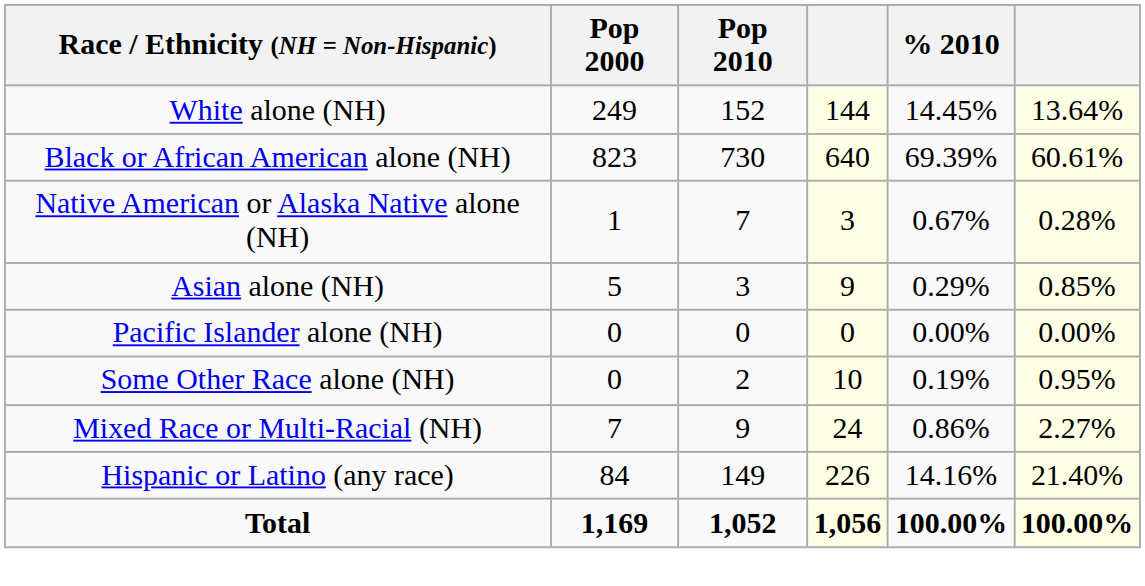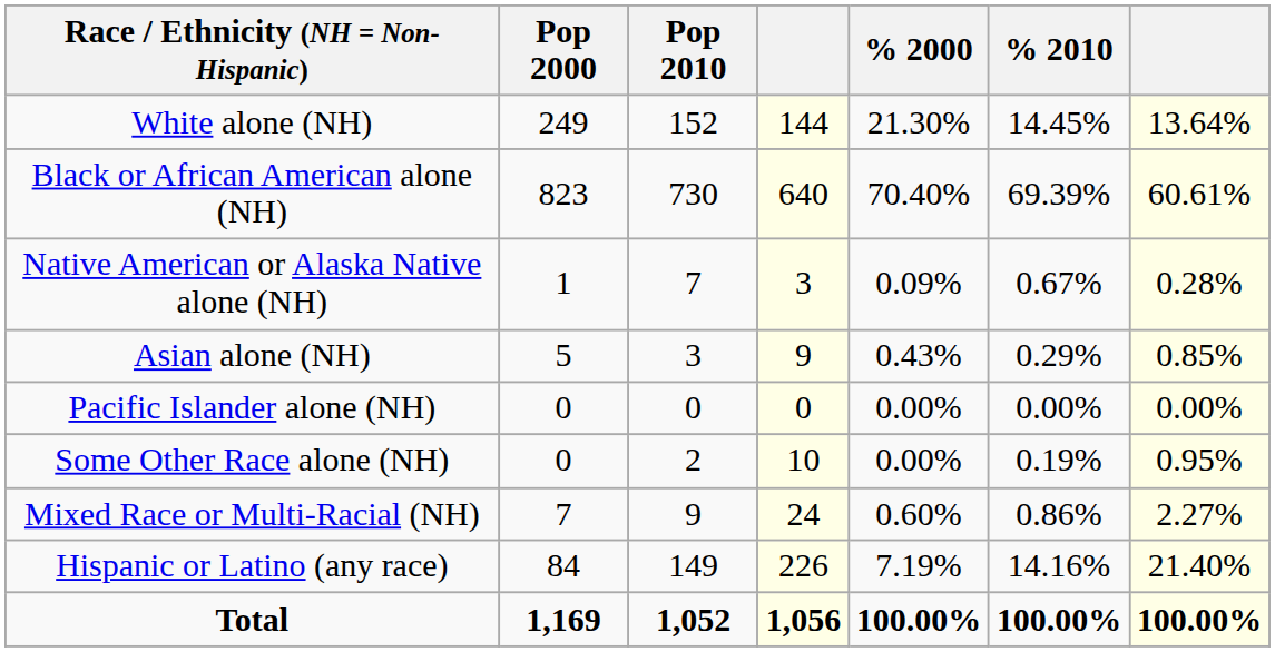 <table class="wikitable"  style="text-align:center;">
 <tr>
 <th>Race / Ethnicity <small>(<em>NH = Non-Hispanic</em>)</small></th>
 <th>Pop 2000</th>
 <th>Pop 2010</th>
 <th></th>
+<th>% 2000</th>
 <th>% 2010</th>
 <th></th>
 </tr>
 <tr>
 <td><a href='#'>White</a> alone (NH)</td>
 <td>249</td>
 <td>152</td>
 <td style='background: #ffffe6;'>144</td>
+<td>21.30%</td>
 <td>14.45%</td>
 <td style='background: #ffffe6;'>13.64%</td>
 </tr>
 <tr>
 <td><a href='#'>Black or African American</a> alone (NH)</td>
 <td>823</td>
 <td>730</td>
 <td style='background: #ffffe6;'>640</td>
+<td>70.40%</td>
 <td>69.39%</td>
 <td style='background: #ffffe6;'>60.61%</td>
 </tr>
 <tr>
 <td><a href='#'>Native American</a> or <a href='#'>Alaska Native</a> alone (NH)</td>
 <td>1</td>
 <td>7</td>
 <td style='background: #ffffe6;'>3</td>
+<td>0.09%</td>
 <td>0.67%</td>
 <td style='background: #ffffe6;'>0.28%</td>
 </tr>
 <tr>
 <td><a href='#'>Asian</a> alone (NH)</td>
 <td>5</td>
 <td>3</td>
 <td style='background: #ffffe6;'>9</td>
+<td>0.43%</td>
 <td>0.29%</td>
 <td style='background: #ffffe6;'>0.85%</td>
 </tr>
 <tr>
 <td><a href='#'>Pacific Islander</a> alone (NH)</td>
 <td>0</td>
 <td>0</td>
 <td style='background: #ffffe6;'>0</td>
 <td>0.00%</td>
+<td>0.00%</td>
 <td style='background: #ffffe6;'>0.00%</td>
 </tr>
 <tr>
 <td><a href='#'>Some Other Race</a> alone (NH)</td>
 <td>0</td>
 <td>2</td>
 <td style='background: #ffffe6;'>10</td>
+<td>0.00%</td>
 <td>0.19%</td>
 <td style='background: #ffffe6;'>0.95%</td>
 </tr>
 <tr>
 <td><a href='#'>Mixed Race or Multi-Racial</a> (NH)</td>
 <td>7</td>
 <td>9</td>
 <td style='background: #ffffe6;'>24</td>
+<td>0.60%</td>
 <td>0.86%</td>
 <td style='background: #ffffe6;'>2.27%</td>
 </tr>
 <tr>
 <td><a href='#'>Hispanic or Latino</a> (any race)</td>
 <td>84</td>
 <td>149</td>
 <td style='background: #ffffe6;'>226</td>
+<td>7.19%</td>
 <td>14.16%</td>
 <td style='background: #ffffe6;'>21.40%</td>
 </tr>
 <tr>
 <td><strong>Total</strong></td>
 <td><strong>1,169</strong></td>
 <td><strong>1,052</strong></td>
 <td style='background: #ffffe6;'><strong>1,056</strong></td>
 <td><strong>100.00%</strong></td>
+<td><strong>100.00%</strong></td>
 <td style='background: #ffffe6;'><strong>100.00%</strong></td>
 </tr>
 </table>
